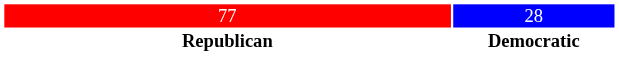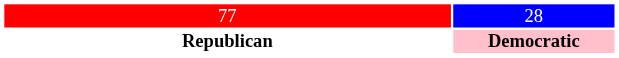 <table style="width:60%; text-align:center;">
 <tr style="color:white;">
 <td style="background:red; width:73.333%;">77</td>
 <td style="background:blue; width:26.667%;">28</td>
 </tr>
 <tr>
 <td><span><strong>Republican</strong></span></td>
-<td><span><strong>Democratic</strong></span></td>
+<td style="background: pink;"><span><strong>Democratic</strong></span></td>
 </tr>
 </table>
